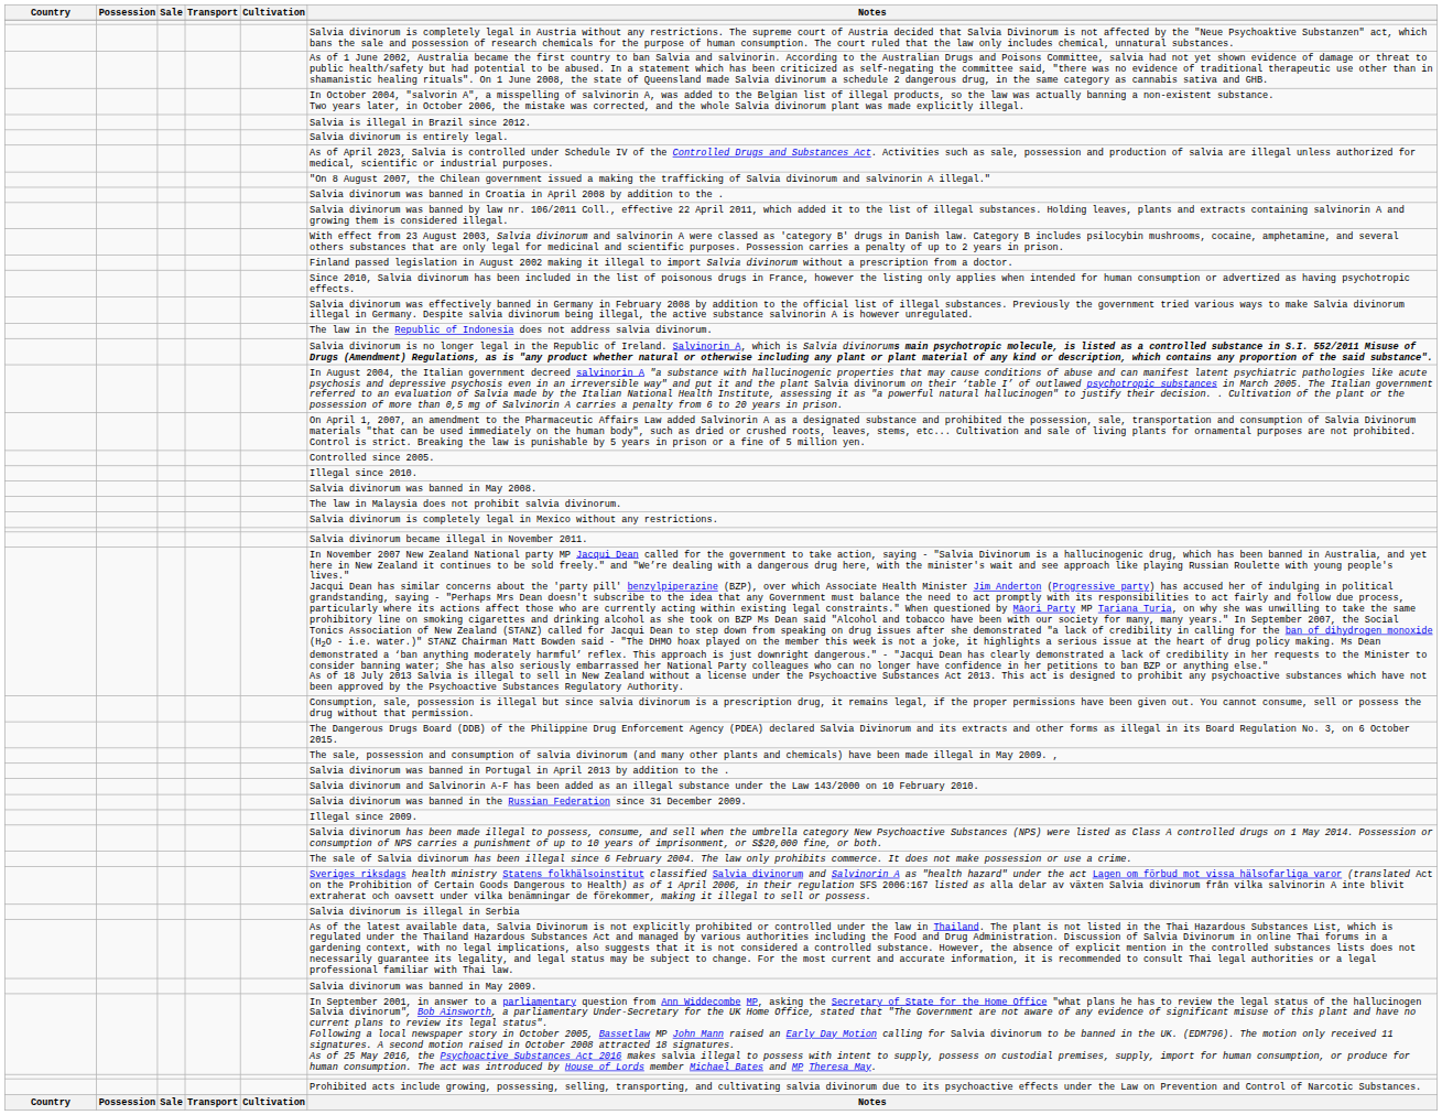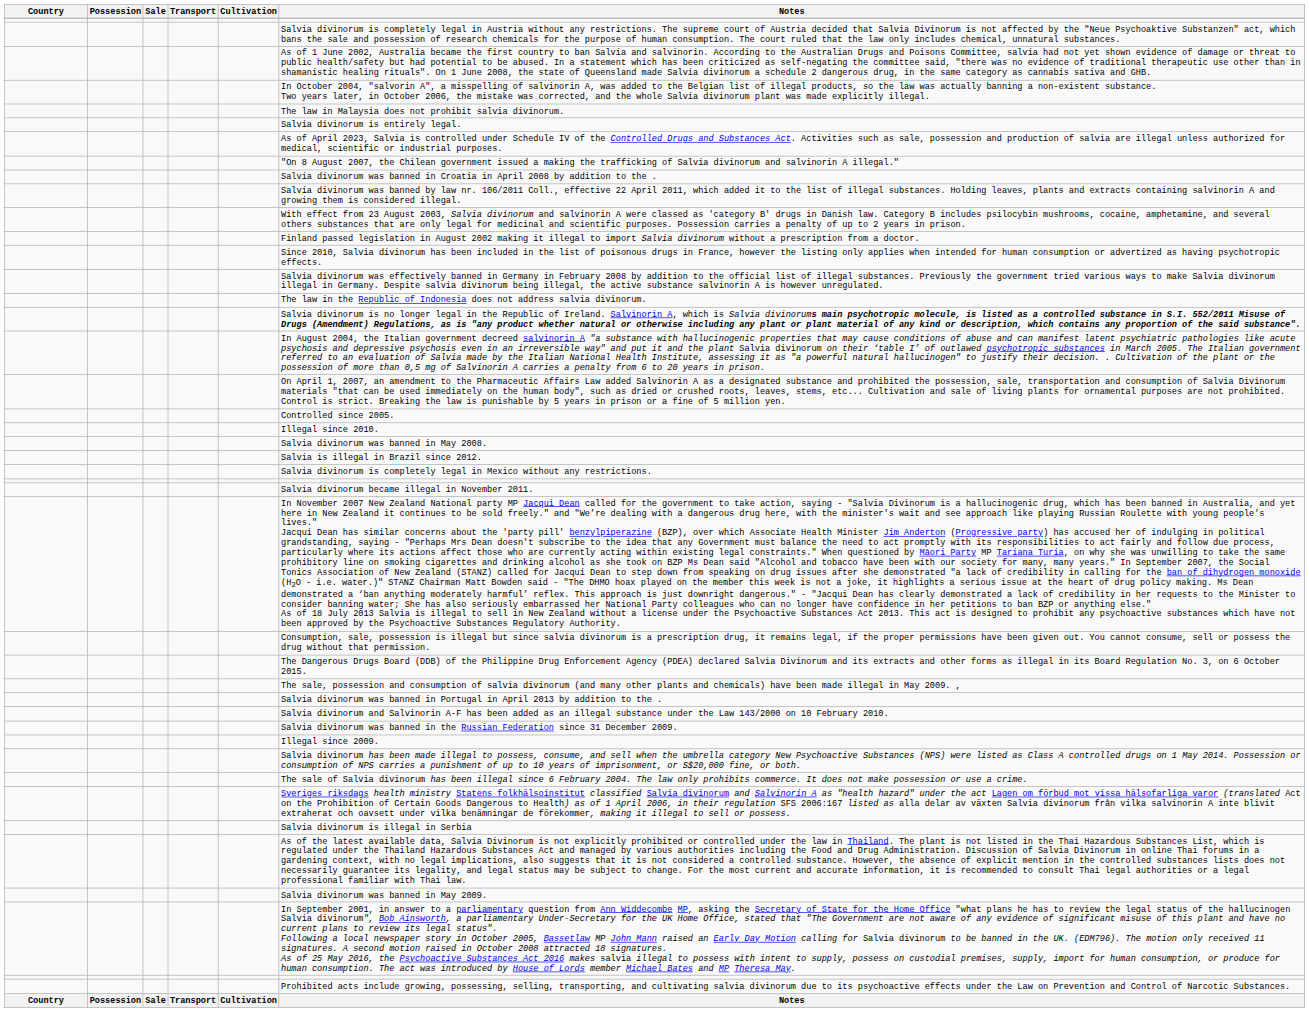 <table class="wikitable sortable" style="text-align:left">
 <tr>
 <th style="width:120px;"><strong>Country</strong></th>
 <th><strong>Possession</strong></th>
 <th><strong>Sale</strong></th>
 <th><strong>Transport</strong></th>
 <th><strong>Cultivation</strong></th>
 <th><strong>Notes</strong></th>
 </tr>
 <tr>
 </tr>
 <tr>
 <td></td>
 <td></td>
 <td></td>
 <td></td>
 <td></td>
 <td></td>
 </tr>
 <tr>
 <td></td>
 <td></td>
 <td></td>
 <td></td>
 <td></td>
 <td>Salvia divinorum is completely legal in Austria without any restrictions. The supreme court of Austria decided that Salvia Divinorum is not affected by the "Neue Psychoaktive Substanzen" act, which bans the sale and possession of research chemicals for the purpose of human consumption. The court ruled that the law only includes chemical, unnatural substances.</td>
 </tr>
 <tr>
 <td></td>
 <td></td>
 <td></td>
 <td></td>
 <td></td>
 <td>As of 1 June 2002, Australia became the first country to ban Salvia and salvinorin. According to the Australian Drugs and Poisons Committee, salvia had not yet shown evidence of damage or threat to public health/safety but had potential to be abused. In a statement which has been criticized as self-negating the committee said, "there was no evidence of traditional therapeutic use other than in shamanistic healing rituals". On 1 June 2008, the state of Queensland made Salvia divinorum a schedule 2 dangerous drug, in the same category as cannabis sativa and GHB.</td>
 </tr>
 <tr>
 <td></td>
 <td></td>
 <td></td>
 <td></td>
 <td></td>
 <td>In October 2004, "salvorin A", a misspelling of salvinorin A, was added to the Belgian list of illegal products, so the law was actually banning a non-existent substance.<br>Two years later, in October 2006, the mistake was corrected, and the whole Salvia divinorum plant was made explicitly illegal.</td>
 </tr>
 <tr>
 <td></td>
 <td></td>
 <td></td>
 <td></td>
 <td></td>
-<td>Salvia is illegal in Brazil since 2012.</td>
+<td>The law in Malaysia does not prohibit salvia divinorum.</td>
 </tr>
 <tr>
 <td></td>
 <td></td>
 <td></td>
 <td></td>
 <td></td>
 <td>Salvia divinorum is entirely legal.</td>
 </tr>
 <tr>
 <td></td>
 <td></td>
 <td></td>
 <td></td>
 <td></td>
 <td>As of April 2023, Salvia is controlled under Schedule IV of the <em><a href='#'>Controlled Drugs and Substances Act</a></em>. Activities such as sale, possession and production of salvia are illegal unless authorized for medical, scientific or industrial purposes.</td>
 </tr>
 <tr>
 <td></td>
 <td></td>
 <td></td>
 <td></td>
 <td></td>
 <td>"On 8 August 2007, the Chilean government issued a  making the trafficking of Salvia divinorum and salvinorin A illegal."</td>
 </tr>
 <tr>
 <td></td>
 <td></td>
 <td></td>
 <td></td>
 <td></td>
 <td>Salvia divinorum was banned in Croatia in April 2008 by addition to the .</td>
 </tr>
 <tr>
 <td></td>
 <td></td>
 <td></td>
 <td></td>
 <td></td>
 <td>Salvia divinorum was banned by law nr. 106/2011 Coll., effective 22 April 2011, which added it to the list of illegal substances. Holding leaves, plants and extracts containing salvinorin A and growing them is considered illegal.</td>
 </tr>
 <tr>
 <td></td>
 <td></td>
 <td></td>
 <td></td>
 <td></td>
 <td>With effect from 23 August 2003, <em>Salvia divinorum</em> and salvinorin A were classed as 'category B' drugs in Danish law. Category B includes psilocybin mushrooms, cocaine, amphetamine, and several others substances that are only legal for medicinal and scientific purposes. Possession carries a penalty of up to 2 years in prison.</td>
 </tr>
 <tr>
 <td></td>
 <td></td>
 <td></td>
 <td></td>
 <td></td>
 <td>Finland passed legislation in August 2002 making it illegal to import <em>Salvia divinorum</em> without a prescription from a doctor.</td>
 </tr>
 <tr>
 <td></td>
 <td></td>
 <td></td>
 <td></td>
 <td></td>
 <td>Since 2010, Salvia divinorum has been included in the list of poisonous drugs in France, however the listing only applies when intended for human consumption or advertized as having psychotropic effects.</td>
 </tr>
 <tr>
 <td></td>
 <td></td>
 <td></td>
 <td></td>
 <td></td>
 <td>Salvia divinorum was effectively banned in Germany in February 2008 by addition to the official list of illegal substances. Previously the government tried various ways to make Salvia divinorum illegal in Germany. Despite salvia divinorum being illegal, the active substance salvinorin A is however unregulated.</td>
 </tr>
 <tr>
 <td></td>
 <td></td>
 <td></td>
 <td></td>
 <td></td>
 <td>The law in the <a href='#'>Republic of Indonesia</a> does not address salvia divinorum.</td>
 </tr>
 <tr>
 <td></td>
 <td></td>
 <td></td>
 <td></td>
 <td></td>
 <td>Salvia divinorum is no longer legal in the Republic of Ireland. <a href='#'>Salvinorin A</a>, which is <em>Salvia divinorum<strong>s main psychotropic molecule, is listed as a controlled substance in S.I. 552/2011 Misuse of Drugs (Amendment) Regulations, as is "any product whether natural or otherwise including any plant or plant material of any kind or description, which contains any proportion of the said substance".</td>
 </tr>
 <tr>
 <td></td>
 <td></td>
 <td></td>
 <td></td>
 <td></td>
 <td>In August 2004, the Italian government decreed </em><a href='#'>salvinorin A</a><em> "a substance with hallucinogenic properties that may cause conditions of abuse and can manifest latent psychiatric pathologies like acute psychosis and depressive psychosis even in an irreversible way" and put it and the plant </em>Salvia divinorum<em> on their ‘table I’ of outlawed <a href='#'>psychotropic substances</a> in March 2005. The Italian government referred to an evaluation of Salvia made by the Italian National Health Institute, assessing it as "a powerful natural hallucinogen" to justify their decision.  . Cultivation of the plant or the possession of more than 0,5 mg of Salvinorin A carries a penalty from 6 to 20 years in prison.</td>
 </tr>
 <tr>
 <td></td>
 <td></td>
 <td></td>
 <td></td>
 <td></td>
 <td>On April 1, 2007, an amendment to the Pharmaceutic Affairs Law added Salvinorin A as a designated substance and prohibited the possession, sale, transportation and consumption of Salvia Divinorum materials "that can be used immediately on the human body", such as dried or crushed roots, leaves, stems, etc... Cultivation and sale of living plants for ornamental purposes are not prohibited.<br>Control is strict. Breaking the law is punishable by 5 years in prison or a fine of 5 million yen.</td>
 </tr>
 <tr>
 <td></td>
 <td></td>
 <td></td>
 <td></td>
 <td></td>
 <td>Controlled since 2005.</td>
 </tr>
 <tr>
 <td></td>
 <td></td>
 <td></td>
 <td></td>
 <td></td>
 <td>Illegal since 2010.</td>
 </tr>
 <tr>
 <td></td>
 <td></td>
 <td></td>
 <td></td>
 <td></td>
 <td>Salvia divinorum was banned in May 2008.</td>
 </tr>
 <tr>
 <td></td>
 <td></td>
 <td></td>
 <td></td>
 <td></td>
-<td>The law in Malaysia does not prohibit salvia divinorum.</td>
+<td>Salvia is illegal in Brazil since 2012.</td>
 </tr>
 <tr>
 <td></td>
 <td></td>
 <td></td>
 <td></td>
 <td></td>
 <td>Salvia divinorum is completely legal in Mexico without any restrictions.</td>
 </tr>
 <tr>
 <td></td>
 <td></td>
 <td></td>
 <td></td>
 <td></td>
 <td></td>
 </tr>
 <tr>
 <td></td>
 <td></td>
 <td></td>
 <td></td>
 <td></td>
 <td>Salvia divinorum became illegal in November 2011.</td>
 </tr>
 <tr>
 <td></td>
 <td></td>
 <td></td>
 <td></td>
 <td></td>
 <td>In November 2007 New Zealand National party MP <a href='#'>Jacqui Dean</a> called for the government to take action, saying - "Salvia Divinorum is a hallucinogenic drug, which has been banned in Australia, and yet here in New Zealand it continues to be sold freely." and "We’re dealing with a dangerous drug here, with the minister's wait and see approach like playing Russian Roulette with young people's lives."<br>Jacqui Dean has similar concerns about the 'party pill' <a href='#'>benzylpiperazine</a> (BZP), over which Associate Health Minister <a href='#'>Jim Anderton</a> (<a href='#'>Progressive party</a>) has accused her of indulging in political grandstanding, saying - "Perhaps Mrs Dean doesn't subscribe to the idea that any Government must balance the need to act promptly with its responsibilities to act fairly and follow due process, particularly where its actions affect those who are currently acting within existing legal constraints." When questioned by <a href='#'>Māori Party</a> MP <a href='#'>Tariana Turia</a>, on why she was unwilling to take the same prohibitory line on smoking cigarettes and drinking alcohol as she took on BZP Ms Dean said "Alcohol and tobacco have been with our society for many, many years." In September 2007, the Social Tonics Association of New Zealand (STANZ) called for Jacqui Dean to step down from speaking on drug issues after she demonstrated "a lack of credibility in calling for the <a href='#'>ban of dihydrogen monoxide</a> (H<sub>2</sub>O - i.e. water.)" STANZ Chairman Matt Bowden said - "The DHMO hoax played on the member this week is not a joke, it highlights a serious issue at the heart of drug policy making. Ms Dean demonstrated a ‘ban anything moderately harmful’ reflex. This approach is just downright dangerous." - "Jacqui Dean has clearly demonstrated a lack of credibility in her requests to the Minister to consider banning water; She has also seriously embarrassed her National Party colleagues who can no longer have confidence in her petitions to ban BZP or anything else."<br>As of 18 July 2013 Salvia is illegal to sell in New Zealand without a license under the Psychoactive Substances Act 2013. This act is designed to prohibit any psychoactive substances which have not been approved by the Psychoactive Substances Regulatory Authority.</td>
 </tr>
 <tr>
 <td></td>
 <td></td>
 <td></td>
 <td></td>
 <td></td>
 <td>Consumption, sale, possession is illegal but since salvia divinorum is a prescription drug, it remains legal, if the proper permissions have been given out. You cannot consume, sell or possess the drug without that permission.</td>
 </tr>
 <tr>
 <td></td>
 <td></td>
 <td></td>
 <td></td>
 <td></td>
 <td>The Dangerous Drugs Board (DDB) of the Philippine Drug Enforcement Agency (PDEA) declared Salvia Divinorum and its extracts and other forms as illegal in its Board Regulation No. 3, on 6 October 2015.  </td>
 </tr>
 <tr>
 <td></td>
 <td></td>
 <td></td>
 <td></td>
 <td></td>
 <td>The sale, possession and consumption of salvia divinorum (and many other plants and chemicals) have been made illegal in May 2009. ,</td>
 </tr>
 <tr>
 <td></td>
 <td></td>
 <td></td>
 <td></td>
 <td></td>
 <td>Salvia divinorum was banned in Portugal in April 2013 by addition to the .</td>
 </tr>
 <tr>
 <td></td>
 <td></td>
 <td></td>
 <td></td>
 <td></td>
 <td>Salvia divinorum and Salvinorin A-F has been added as an illegal substance under the Law 143/2000 on 10 February 2010.</td>
 </tr>
 <tr>
 <td></td>
 <td></td>
 <td></td>
 <td></td>
 <td></td>
 <td>Salvia divinorum was banned in the <a href='#'>Russian Federation</a> since 31 December 2009.</td>
 </tr>
 <tr>
 <td></td>
 <td></td>
 <td></td>
 <td></td>
 <td></td>
 <td>Illegal since 2009.</td>
 </tr>
 <tr>
 <td></td>
 <td></td>
 <td></td>
 <td></td>
 <td></td>
 <td></em>Salvia divinorum<em> has been made illegal to possess, consume, and sell when the umbrella category New Psychoactive Substances (NPS) were listed as Class A controlled drugs on 1 May 2014. Possession or consumption of NPS carries a punishment of up to 10 years of imprisonment, or S$20,000 fine, or both.</td>
 </tr>
 <tr>
 <td></td>
 <td></td>
 <td></td>
 <td></td>
 <td></td>
 <td>The sale of </em>Salvia divinorum<em> has been illegal since 6 February 2004. The law only prohibits commerce. It does not make possession or use a crime.</td>
 </tr>
 <tr>
 <td></td>
 <td></td>
 <td></td>
 <td></td>
 <td></td>
 <td><a href='#'></em>Sveriges riksdags<em></a> health ministry <a href='#'></em>Statens folkhälsoinstitut<em></a> classified </em><a href='#'>Salvia divinorum</a><em> and <a href='#'>Salvinorin A</a> as "health hazard" under the act <a href='#'></em>Lagen om förbud mot vissa hälsofarliga varor<em></a> (translated </em>Act on the Prohibition of Certain Goods Dangerous to Health<em>) as of 1 April 2006,  in their regulation </em>SFS 2006:167<em> listed as </em>alla delar av växten Salvia divinorum från vilka salvinorin A inte blivit extraherat och oavsett under vilka benämningar de förekommer<em>, making it illegal to sell or possess.</td>
 </tr>
 <tr>
 <td></td>
 <td></td>
 <td></td>
 <td></td>
 <td></td>
 <td>Salvia divinorum is illegal in Serbia</td>
 </tr>
 <tr>
 <td></td>
 <td></td>
 <td></td>
 <td></td>
 <td></td>
 <td>As of the latest available data, Salvia Divinorum is not explicitly prohibited or controlled under the law in <a href='#'>Thailand</a>. The plant is not listed in the Thai Hazardous Substances List, which is regulated under the Thailand Hazardous Substances Act and managed by various authorities including the Food and Drug Administration. Discussion of Salvia Divinorum in online Thai forums in a gardening context, with no legal implications, also suggests that it is not considered a controlled substance. However, the absence of explicit mention in the controlled substances lists does not necessarily guarantee its legality, and legal status may be subject to change. For the most current and accurate information, it is recommended to consult Thai legal authorities or a legal professional familiar with Thai law.</td>
 </tr>
 <tr>
 <td></td>
 <td></td>
 <td></td>
 <td></td>
 <td></td>
 <td>Salvia divinorum was banned in May 2009.</td>
 </tr>
 <tr>
 <td></td>
 <td></td>
 <td></td>
 <td></td>
 <td></td>
 <td>In September 2001, in answer to a <a href='#'>parliamentary</a> question from <a href='#'>Ann Widdecombe</a> <a href='#'>MP</a>, asking the <a href='#'>Secretary of State for the Home Office</a> "what plans he has to review the legal status of the hallucinogen </em>Salvia divinorum<em>", <a href='#'>Bob Ainsworth</a>, a parliamentary Under-Secretary for the UK Home Office, stated that "The Government are not aware of any evidence of significant misuse of this plant and have no current plans to review its legal status".<br>Following a local newspaper story in October 2005, <a href='#'>Bassetlaw</a> MP <a href='#'>John Mann</a> raised an <a href='#'>Early Day Motion</a> calling for </em>Salvia divinorum<em> to be banned in the UK. (EDM796). The motion only received 11 signatures. A second motion raised in October 2008 attracted 18 signatures.<br>As of 25 May 2016, the <a href='#'>Psychoactive Substances Act 2016</a> makes </em>salvia<em> illegal to possess with intent to supply, possess on custodial premises, supply, import for human consumption, or produce for human consumption. The act was introduced by <a href='#'>House of Lords</a> member <a href='#'>Michael Bates</a> and <a href='#'>MP</a> <a href='#'>Theresa May</a>.</td>
 </tr>
 <tr>
 <td></td>
 <td></td>
 <td></td>
 <td></td>
 <td></td>
 <td></td>
 </tr>
 <tr>
 <td></td>
 <td></td>
 <td></td>
 <td></td>
 <td></td>
 <td>Prohibited acts include growing, possessing, selling, transporting, and cultivating salvia divinorum due to its psychoactive effects under the Law on Prevention and Control of Narcotic Substances.</td>
 </tr>
 <tr>
 <th></strong>Country<strong></th>
 <th></strong>Possession<strong></th>
 <th></strong>Sale<strong></th>
 <th></strong>Transport<strong></th>
 <th></strong>Cultivation<strong></th>
 <th></strong>Notes<strong></th>
 </tr>
 </table>
